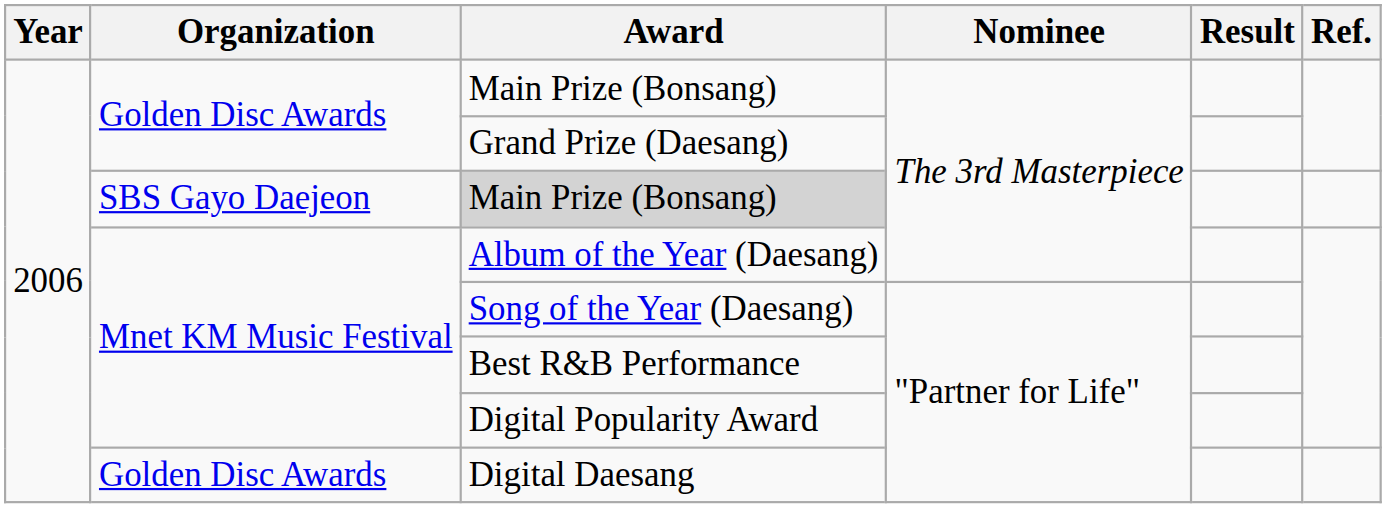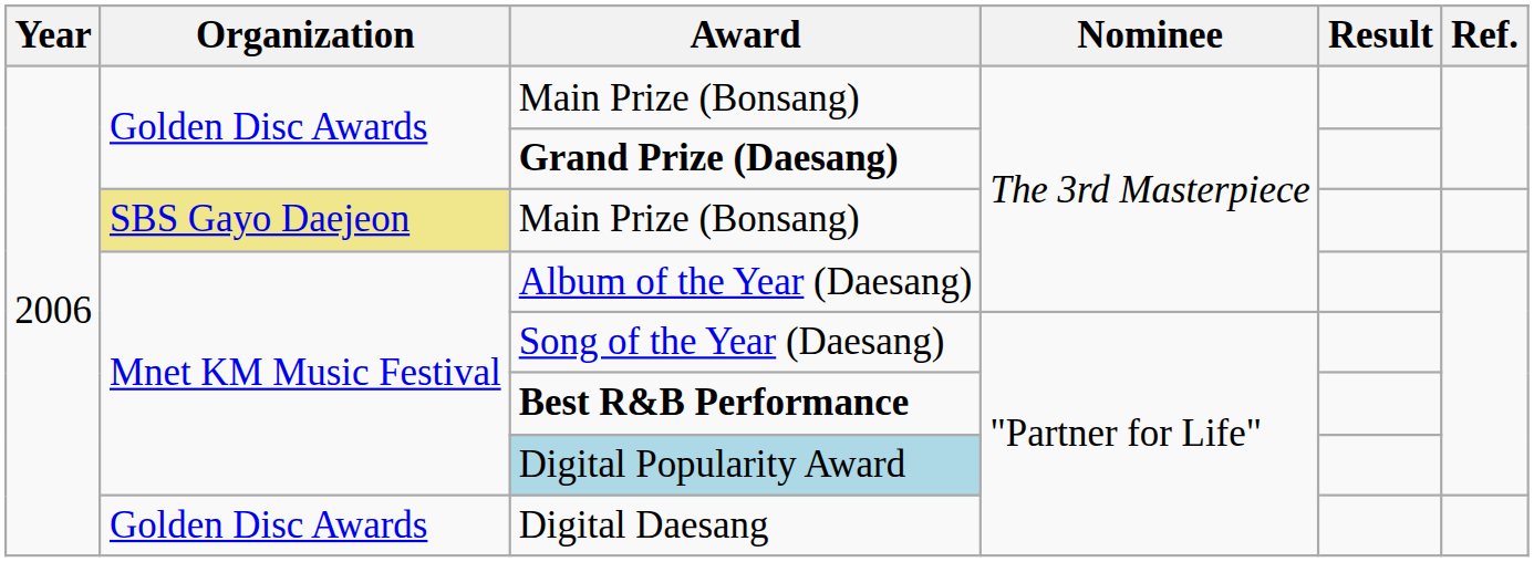 <table class="wikitable plainrowheaders">
 <tr>
 <th scope="col">Year</th>
 <th scope="col">Organization</th>
 <th scope="col">Award</th>
 <th scope="col">Nominee</th>
 <th scope="col">Result</th>
 <th>Ref.</th>
 </tr>
 <tr>
 <td rowspan="8">2006</td>
 <td rowspan="2"><a href='#'>Golden Disc Awards</a></td>
 <td>Main Prize (Bonsang)</td>
 <td rowspan="4"><em>The 3rd Masterpiece</em></td>
 <td></td>
 <td rowspan="2" style="text-align:center;"></td>
 </tr>
 <tr>
-<td>Grand Prize (Daesang)</td>
+<td><strong>Grand Prize (Daesang)</strong></td>
 <td></td>
 </tr>
 <tr>
-<td><a href='#'>SBS Gayo Daejeon</a></td>
-<td style="background: lightgrey;">Main Prize (Bonsang)</td>
+<td style="background: khaki;"><a href='#'>SBS Gayo Daejeon</a></td>
+<td>Main Prize (Bonsang)</td>
 <td></td>
 <td style="text-align:center;"></td>
 </tr>
 <tr>
 <td rowspan="4"><a href='#'>Mnet KM Music Festival</a></td>
 <td><a href='#'>Album of the Year</a> (Daesang)</td>
 <td></td>
 <td style="text-align:center;" rowspan="4"></td>
 </tr>
 <tr>
 <td><a href='#'>Song of the Year</a> (Daesang)</td>
 <td rowspan="4">"Partner for Life"</td>
 <td></td>
 </tr>
 <tr>
-<td>Best R&B Performance</td>
+<td><strong>Best R&B Performance</strong></td>
 <td></td>
 </tr>
 <tr>
-<td>Digital Popularity Award</td>
+<td style="background: lightblue;">Digital Popularity Award</td>
 <td></td>
 </tr>
 <tr>
 <td><a href='#'>Golden Disc Awards</a></td>
 <td>Digital Daesang</td>
 <td></td>
 <td style="text-align:center;"></td>
 </tr>
 </table>
